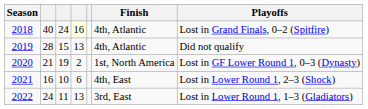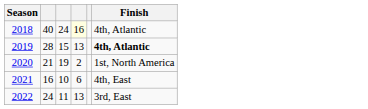 <table class="wikitable" style="text-align:center;">
 <tr>
 <th style="background:#">Season</th>
 <th style="background:#"></th>
 <th style="background:#"></th>
 <th style="background:#"></th>
 <th style="background:#"></th>
 <th style="background:#">Finish</th>
-<th style="background:#">Playoffs</th>
 </tr>
 <tr>
 <td><a href='#'>2018</a></td>
 <td>40</td>
 <td>24</td>
 <td style="background: lightyellow;">16</td>
 <td></td>
 <td style="text-align:left">4th, Atlantic</td>
-<td style="text-align:left">Lost in <a href='#'>Grand Finals</a>, 0–2 (<a href='#'>Spitfire</a>)</td>
 </tr>
 <tr>
 <td><a href='#'>2019</a></td>
 <td>28</td>
 <td>15</td>
 <td>13</td>
 <td></td>
-<td style="text-align:left">4th, Atlantic</td>
-<td style="text-align:left">Did not qualify</td>
+<td style="text-align:left"><strong>4th, Atlantic</strong></td>
 </tr>
 <tr>
 <td><a href='#'>2020</a></td>
 <td>21</td>
 <td>19</td>
 <td>2</td>
 <td></td>
 <td style="text-align:left">1st, North America</td>
-<td style="text-align:left">Lost in <a href='#'>GF Lower Round 1</a>, 0–3 (<a href='#'>Dynasty</a>)</td>
 </tr>
 <tr>
 <td><a href='#'>2021</a></td>
 <td>16</td>
 <td>10</td>
 <td>6</td>
 <td></td>
 <td style="text-align:left">4th, East</td>
-<td style="text-align:left">Lost in <a href='#'>Lower Round 1</a>, 2–3 (<a href='#'>Shock</a>)</td>
 </tr>
 <tr>
 <td><a href='#'>2022</a></td>
 <td>24</td>
 <td>11</td>
 <td>13</td>
 <td></td>
 <td style="text-align:left">3rd, East</td>
-<td style="text-align:left">Lost in <a href='#'>Lower Round 1</a>, 1–3 (<a href='#'>Gladiators</a>)</td>
 </tr>
 </table>
